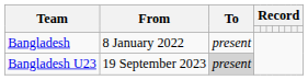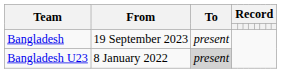 <table class="wikitable" style="text-align: center">
 <tr>
 <th rowspan="2">Team</th>
 <th rowspan="2">From</th>
 <th rowspan="2">To</th>
 <th colspan="8">Record</th>
 </tr>
 <tr>
 <th></th>
 <th></th>
 <th></th>
 <th></th>
 <th></th>
 <th></th>
 <th></th>
 <th></th>
 </tr>
 <tr>
 <td align=left> <a href='#'>Bangladesh</a></td>
-<td align=left>8 January 2022</td>
+<td align=left>19 September 2023</td>
 <td align=left><em>present</em><br></td>
 </tr>
 <tr>
 <td align=left> <a href='#'>Bangladesh U23</a></td>
-<td align=left>19 September 2023</td>
+<td align=left>8 January 2022</td>
 <td align=left style="background: lightgrey;"><em>present</em><br></td>
 </tr>
 </table>
